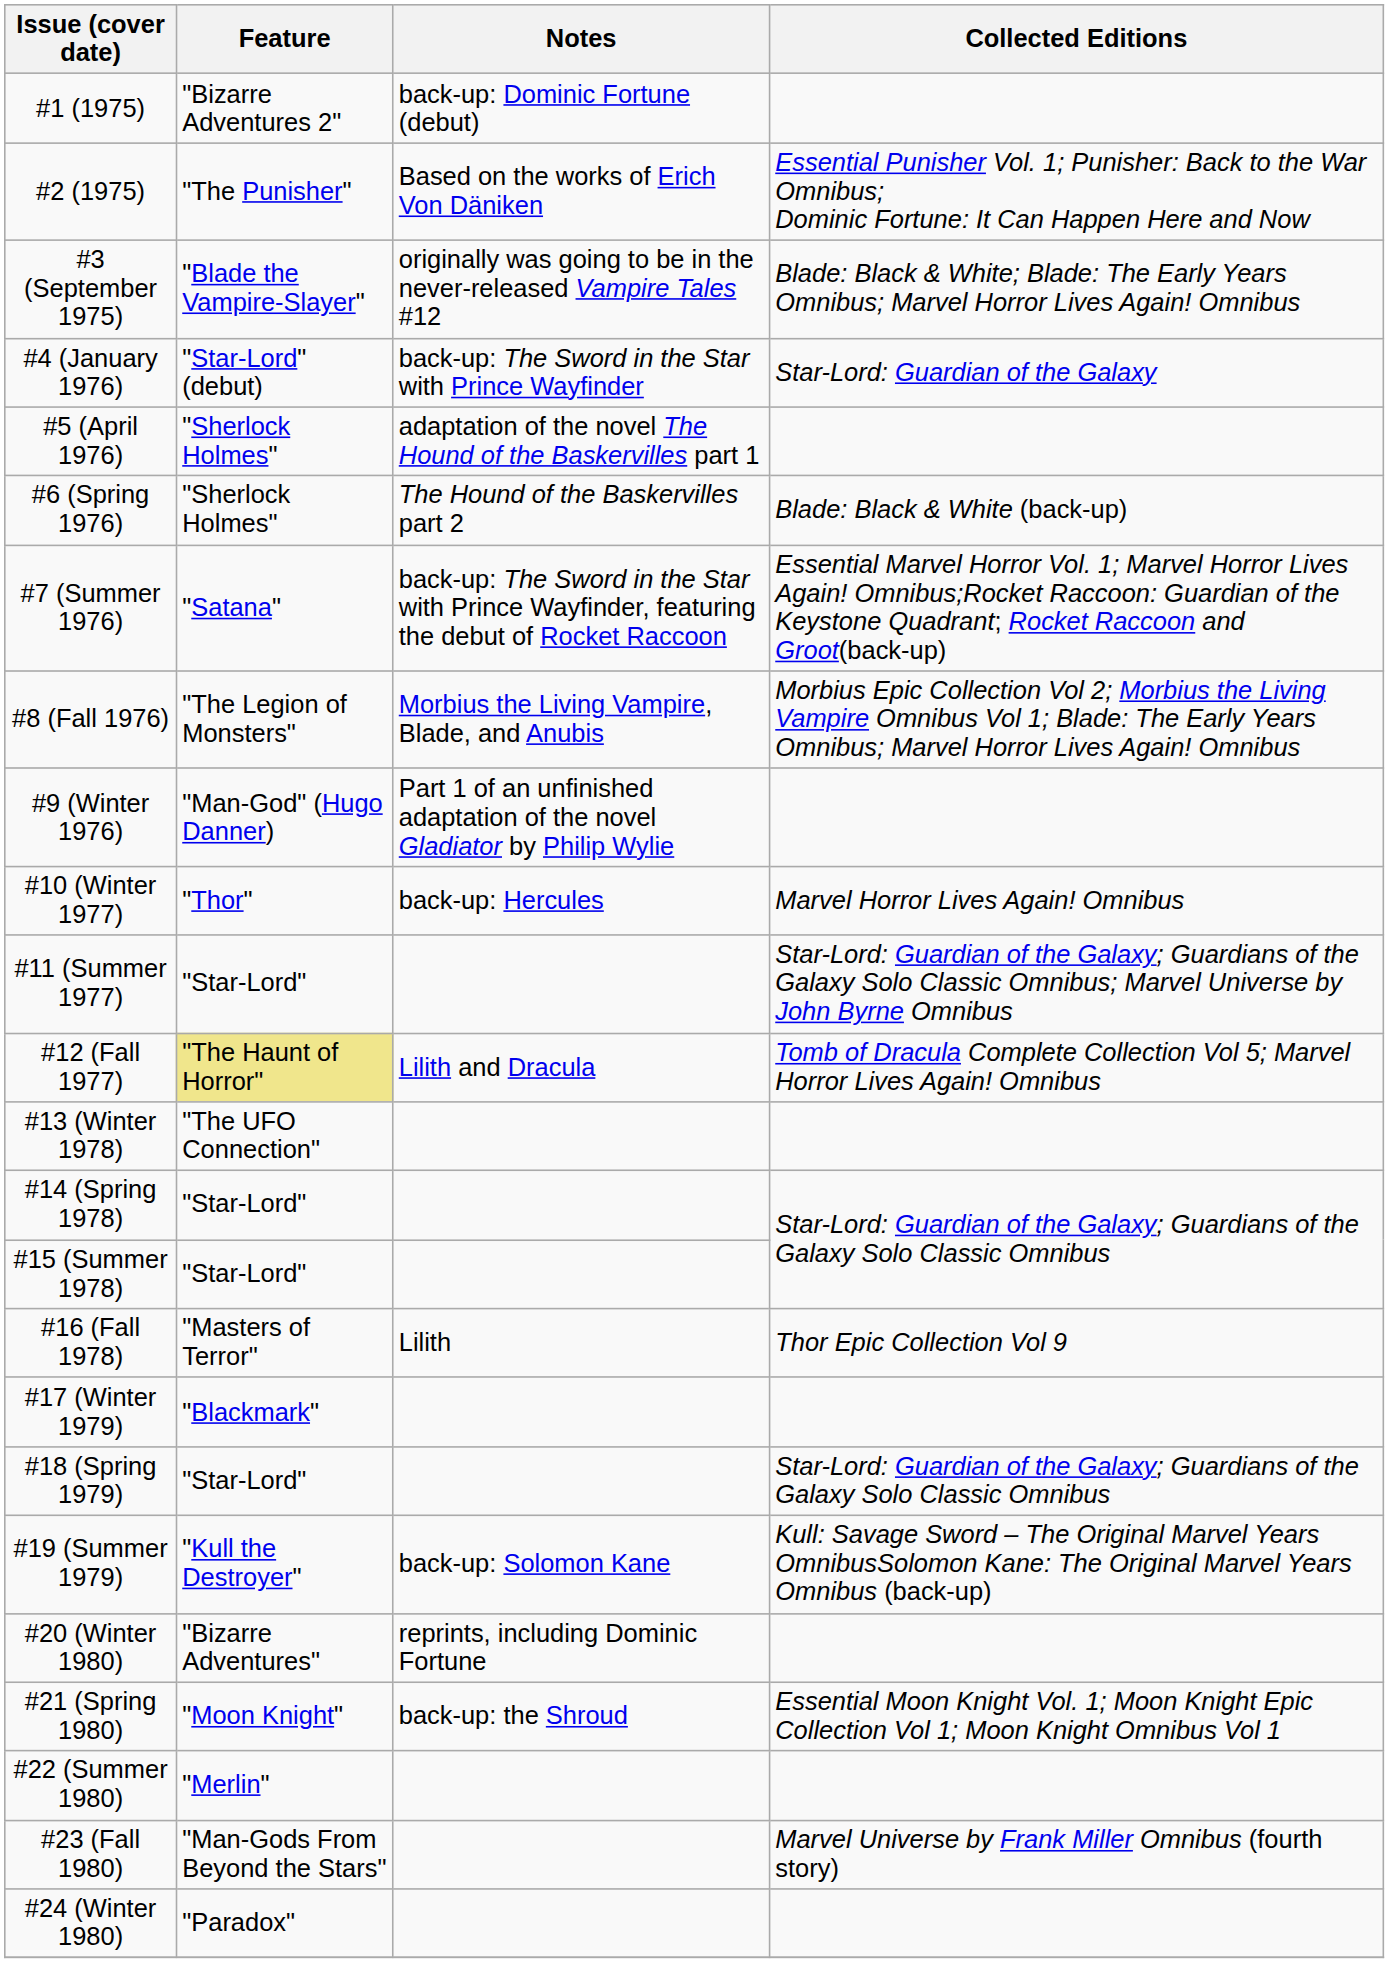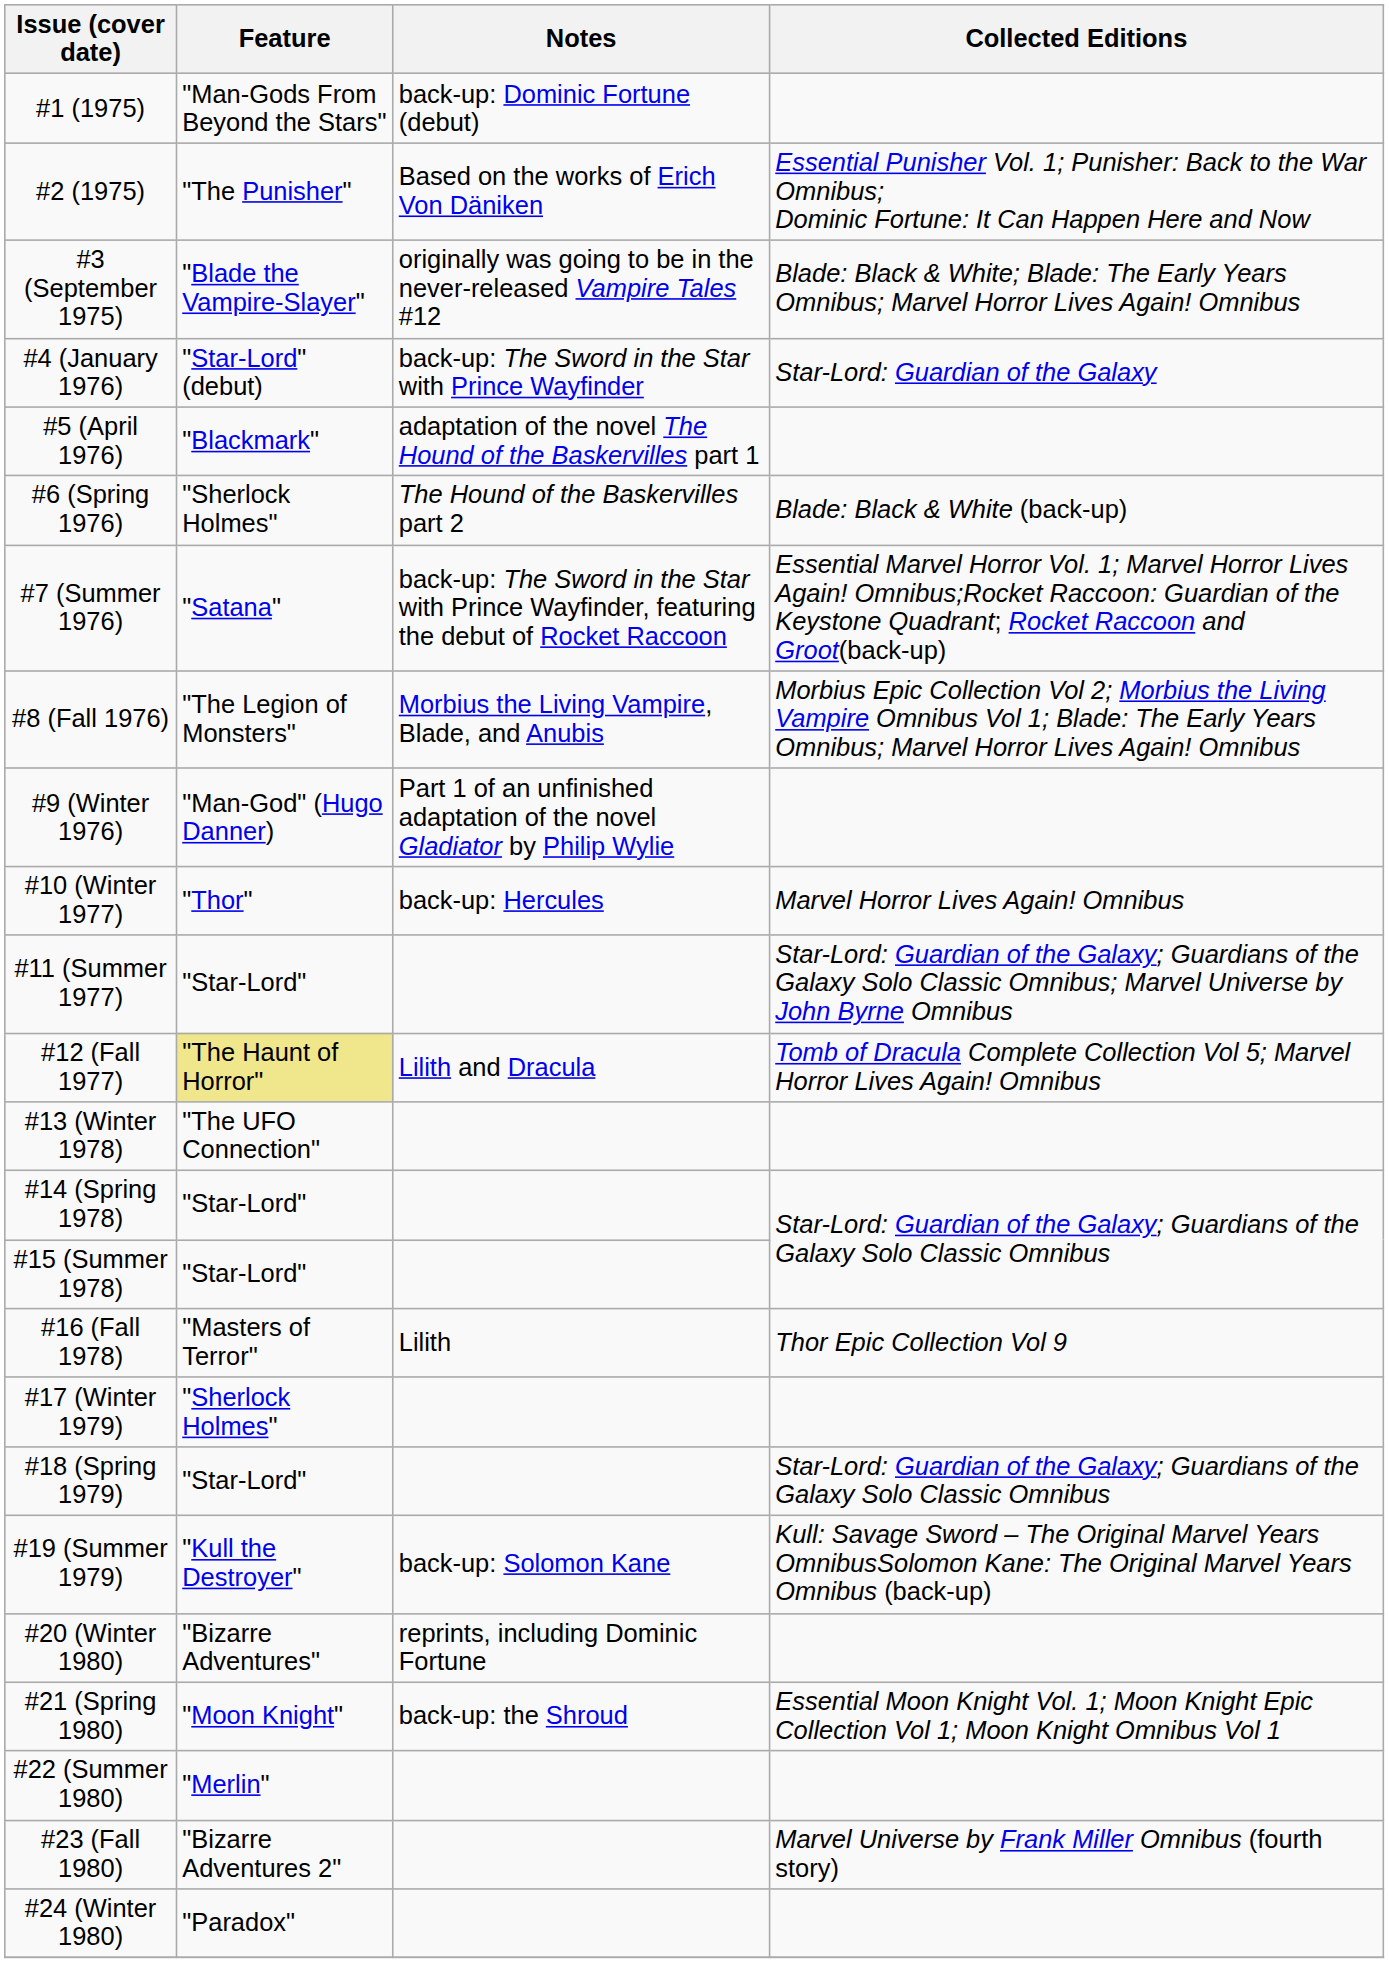 <table class="sortable wikitable">
 <tr>
 <th>Issue (cover date)</th>
 <th>Feature</th>
 <th>Notes</th>
 <th>Collected Editions</th>
 </tr>
 <tr>
 <td align="center">#1 (1975)</td>
-<td>"Bizarre Adventures 2"</td>
+<td>"Man-Gods From Beyond the Stars"</td>
 <td>back-up: <a href='#'>Dominic Fortune</a> (debut)</td>
 <td></td>
 </tr>
 <tr>
 <td align="center">#2 (1975)</td>
 <td>"The <a href='#'>Punisher</a>"</td>
 <td>Based on the works of <a href='#'>Erich Von Däniken</a></td>
 <td><em><a href='#'>Essential Punisher</a> Vol. 1; Punisher: Back to the War Omnibus;</em><br><em>Dominic Fortune: It Can Happen Here and Now</em></td>
 </tr>
 <tr>
 <td align="center">#3 (September 1975)</td>
 <td>"<a href='#'>Blade the Vampire-Slayer</a>"</td>
 <td>originally was going to be in the never-released <em><a href='#'>Vampire Tales</a></em> #12</td>
 <td><em>Blade: Black & White; Blade: The Early Years Omnibus; Marvel Horror Lives Again! Omnibus</em></td>
 </tr>
 <tr>
 <td align="center">#4 (January 1976)</td>
 <td>"<a href='#'>Star-Lord</a>" (debut)</td>
 <td>back-up: <em>The Sword in the Star</em> with <a href='#'>Prince Wayfinder</a></td>
 <td><em>Star-Lord: <a href='#'>Guardian of the Galaxy</a></em></td>
 </tr>
 <tr>
 <td align="center">#5 (April 1976)</td>
-<td>"<a href='#'>Sherlock Holmes</a>"</td>
+<td>"<a href='#'>Blackmark</a>"</td>
 <td>adaptation of the novel <em><a href='#'>The Hound of the Baskervilles</a></em> part 1</td>
 <td></td>
 </tr>
 <tr>
 <td align="center">#6 (Spring 1976)</td>
 <td>"Sherlock Holmes"</td>
 <td><em>The Hound of the Baskervilles</em> part 2</td>
 <td><em>Blade: Black & White</em> (back-up)</td>
 </tr>
 <tr>
 <td align="center">#7 (Summer 1976)</td>
 <td>"<a href='#'>Satana</a>"</td>
 <td>back-up: <em>The Sword in the Star</em> with Prince Wayfinder, featuring the debut of <a href='#'>Rocket Raccoon</a></td>
 <td><em>Essential Marvel Horror Vol. 1; Marvel Horror Lives Again! Omnibus;Rocket Raccoon: Guardian of the Keystone Quadrant</em>; <em><a href='#'>Rocket Raccoon</a> and <a href='#'>Groot</a></em>(back-up)</td>
 </tr>
 <tr>
 <td align="center">#8 (Fall 1976)</td>
 <td>"The Legion of Monsters"</td>
 <td><a href='#'>Morbius the Living Vampire</a>, Blade, and <a href='#'>Anubis</a></td>
 <td><em>Morbius Epic Collection Vol 2; <a href='#'>Morbius the Living Vampire</a> Omnibus Vol 1; Blade: The Early Years Omnibus; Marvel Horror Lives Again! Omnibus</em></td>
 </tr>
 <tr>
 <td align="center">#9 (Winter 1976)</td>
 <td>"Man-God" (<a href='#'>Hugo Danner</a>)</td>
 <td>Part 1 of an unfinished adaptation of the novel <em><a href='#'>Gladiator</a></em> by <a href='#'>Philip Wylie</a></td>
 <td></td>
 </tr>
 <tr>
 <td align="center">#10 (Winter 1977)</td>
 <td>"<a href='#'>Thor</a>"</td>
 <td>back-up: <a href='#'>Hercules</a></td>
 <td><em>Marvel Horror Lives Again! Omnibus</em></td>
 </tr>
 <tr>
 <td align="center">#11 (Summer 1977)</td>
 <td>"Star-Lord"</td>
 <td></td>
 <td><em>Star-Lord: <a href='#'>Guardian of the Galaxy</a>; Guardians of the Galaxy Solo Classic Omnibus; Marvel Universe by <a href='#'>John Byrne</a> Omnibus</em></td>
 </tr>
 <tr>
 <td align="center">#12 (Fall 1977)</td>
 <td style="background: khaki;">"The Haunt of Horror"</td>
 <td><a href='#'>Lilith</a> and <a href='#'>Dracula</a></td>
 <td><em><a href='#'>Tomb of Dracula</a> Complete Collection Vol 5; Marvel Horror Lives Again! Omnibus</em></td>
 </tr>
 <tr>
 <td align="center">#13 (Winter 1978)</td>
 <td>"The UFO Connection"</td>
 <td></td>
 <td></td>
 </tr>
 <tr>
 <td align="center">#14 (Spring 1978)</td>
 <td>"Star-Lord"</td>
 <td></td>
 <td rowspan="2"><em>Star-Lord: <a href='#'>Guardian of the Galaxy</a>; Guardians of the Galaxy Solo Classic Omnibus</em></td>
 </tr>
 <tr>
 <td align="center">#15 (Summer 1978)</td>
 <td>"Star-Lord"</td>
 <td></td>
 </tr>
 <tr>
 <td align="center">#16 (Fall 1978)</td>
 <td>"Masters of Terror"</td>
 <td>Lilith</td>
 <td><em>Thor Epic Collection Vol 9</em></td>
 </tr>
 <tr>
 <td align="center">#17 (Winter 1979)</td>
-<td>"<a href='#'>Blackmark</a>"</td>
+<td>"<a href='#'>Sherlock Holmes</a>"</td>
 <td></td>
 <td></td>
 </tr>
 <tr>
 <td align="center">#18 (Spring 1979)</td>
 <td>"Star-Lord"</td>
 <td></td>
 <td><em>Star-Lord: <a href='#'>Guardian of the Galaxy</a>; Guardians of the Galaxy Solo Classic Omnibus</em></td>
 </tr>
 <tr>
 <td align="center">#19 (Summer 1979)</td>
 <td>"<a href='#'>Kull the Destroyer</a>"</td>
 <td>back-up: <a href='#'>Solomon Kane</a></td>
 <td><em>Kull: Savage Sword – The Original Marvel Years OmnibusSolomon Kane: The Original Marvel Years Omnibus</em> (back-up)</td>
 </tr>
 <tr>
 <td align="center">#20 (Winter 1980)</td>
 <td>"Bizarre Adventures"</td>
 <td>reprints, including Dominic Fortune</td>
 <td></td>
 </tr>
 <tr>
 <td align="center">#21 (Spring 1980)</td>
 <td>"<a href='#'>Moon Knight</a>"</td>
 <td>back-up: the <a href='#'>Shroud</a></td>
 <td><em>Essential Moon Knight Vol. 1; Moon Knight Epic Collection Vol 1; Moon Knight Omnibus Vol 1</em></td>
 </tr>
 <tr>
 <td align="center">#22 (Summer 1980)</td>
 <td>"<a href='#'>Merlin</a>"</td>
 <td></td>
 <td></td>
 </tr>
 <tr>
 <td align="center">#23 (Fall 1980)</td>
-<td>"Man-Gods From Beyond the Stars"</td>
+<td>"Bizarre Adventures 2"</td>
 <td></td>
 <td><em>Marvel Universe by <a href='#'>Frank Miller</a> Omnibus</em> (fourth story)</td>
 </tr>
 <tr>
 <td align="center">#24 (Winter 1980)</td>
 <td>"Paradox"</td>
 <td></td>
 <td></td>
 </tr>
 <tr>
 </tr>
 </table>
